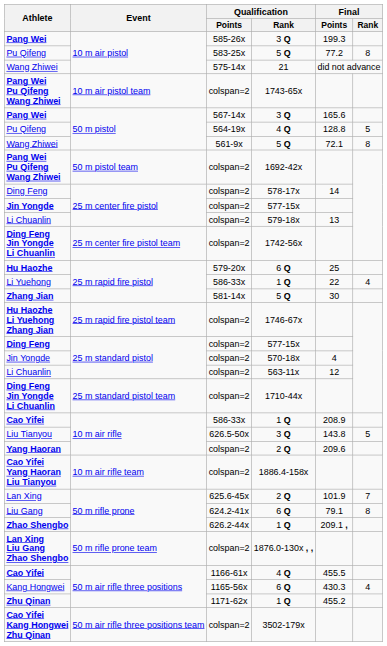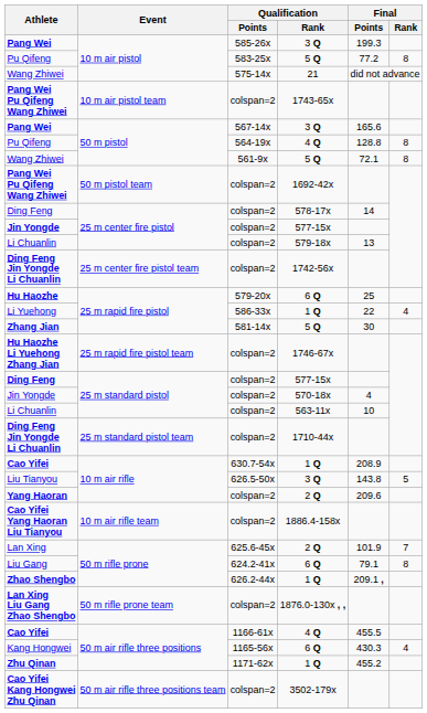 <table class=wikitable style="text-align:center; font-size:90%">
 <tr>
 <th rowspan=2>Athlete</th>
 <th rowspan=2>Event</th>
 <th colspan=2>Qualification</th>
 <th colspan=2>Final</th>
 </tr>
 <tr style="font-size:95%">
 <th>Points</th>
 <th>Rank</th>
 <th>Points</th>
 <th>Rank</th>
 </tr>
 <tr>
 <td align=left><strong><a href='#'>Pang Wei</a></strong></td>
 <td style="text-align:left;" rowspan="3"><a href='#'>10 m air pistol</a></td>
 <td>585-26x</td>
 <td>3 <strong>Q</strong></td>
 <td>199.3</td>
 <td></td>
 </tr>
 <tr>
 <td align=left><a href='#'>Pu Qifeng</a></td>
 <td>583-25x</td>
 <td>5 <strong>Q</strong></td>
 <td>77.2</td>
 <td>8</td>
 </tr>
 <tr>
 <td align=left><a href='#'>Wang Zhiwei</a></td>
 <td>575-14x</td>
 <td>21</td>
 <td colspan=2>did not advance</td>
 </tr>
 <tr>
 <td align=left><strong><a href='#'>Pang Wei</a><br><a href='#'>Pu Qifeng</a><br><a href='#'>Wang Zhiwei</a></strong></td>
 <td align=left><a href='#'>10 m air pistol team</a></td>
 <td>colspan=2 </td>
 <td>1743-65x</td>
 <td></td>
 </tr>
 <tr>
 <td align=left><strong><a href='#'>Pang Wei</a></strong></td>
 <td style="text-align:left;" rowspan="3"><a href='#'>50 m pistol</a></td>
 <td>567-14x</td>
 <td>3 <strong>Q</strong></td>
 <td>165.6</td>
 <td></td>
 </tr>
 <tr>
 <td align=left><a href='#'>Pu Qifeng</a></td>
 <td>564-19x</td>
 <td>4 <strong>Q</strong></td>
 <td>128.8</td>
-<td>5</td>
+<td>8</td>
 </tr>
 <tr>
 <td align=left><a href='#'>Wang Zhiwei</a></td>
 <td>561-9x</td>
 <td>5 <strong>Q</strong></td>
 <td>72.1</td>
 <td>8</td>
 </tr>
 <tr>
 <td align=left><strong><a href='#'>Pang Wei</a><br><a href='#'>Pu Qifeng</a><br><a href='#'>Wang Zhiwei</a></strong></td>
 <td align=left><a href='#'>50 m pistol team</a></td>
 <td>colspan=2 </td>
 <td>1692-42x <strong></strong></td>
 <td></td>
 </tr>
 <tr>
 <td align=left><a href='#'>Ding Feng</a></td>
 <td style="text-align:left;" rowspan="3"><a href='#'>25 m center fire pistol</a></td>
 <td>colspan=2 </td>
 <td>578-17x</td>
 <td>14</td>
 </tr>
 <tr>
 <td align=left><strong><a href='#'>Jin Yongde</a></strong></td>
 <td>colspan=2 </td>
 <td>577-15x</td>
 <td></td>
 </tr>
 <tr>
 <td align=left><a href='#'>Li Chuanlin</a></td>
 <td>colspan=2 </td>
 <td>579-18x</td>
 <td>13</td>
 </tr>
 <tr>
 <td align=left><strong><a href='#'>Ding Feng</a><br><a href='#'>Jin Yongde</a><br><a href='#'>Li Chuanlin</a></strong></td>
 <td align=left><a href='#'>25 m center fire pistol team</a></td>
 <td>colspan=2 </td>
 <td>1742-56x</td>
 <td></td>
 </tr>
 <tr>
 <td align=left><strong><a href='#'>Hu Haozhe</a></strong></td>
 <td style="text-align:left;" rowspan="3"><a href='#'>25 m rapid fire pistol</a></td>
 <td>579-20x</td>
 <td>6 <strong>Q</strong></td>
 <td>25</td>
 <td></td>
 </tr>
 <tr>
 <td align=left><a href='#'>Li Yuehong</a></td>
 <td>586-33x <strong></strong></td>
 <td>1 <strong>Q</strong></td>
 <td>22</td>
 <td>4</td>
 </tr>
 <tr>
 <td align=left><strong><a href='#'>Zhang Jian</a></strong></td>
 <td>581-14x</td>
 <td>5 <strong>Q</strong></td>
 <td>30</td>
 <td></td>
 </tr>
 <tr>
 <td align=left><strong><a href='#'>Hu Haozhe</a><br><a href='#'>Li Yuehong</a><br><a href='#'>Zhang Jian</a></strong></td>
 <td align=left><a href='#'>25 m rapid fire pistol team</a></td>
 <td>colspan=2 </td>
 <td>1746-67x</td>
 <td></td>
 </tr>
 <tr>
 <td align=left><strong><a href='#'>Ding Feng</a></strong></td>
 <td style="text-align:left;" rowspan="3"><a href='#'>25 m standard pistol</a></td>
 <td>colspan=2 </td>
 <td>577-15x</td>
 <td></td>
 </tr>
 <tr>
 <td align=left><a href='#'>Jin Yongde</a></td>
 <td>colspan=2 </td>
 <td>570-18x</td>
 <td>4</td>
 </tr>
 <tr>
 <td align=left><a href='#'>Li Chuanlin</a></td>
 <td>colspan=2 </td>
 <td>563-11x</td>
-<td>12</td>
+<td>10</td>
 </tr>
 <tr>
 <td align=left><strong><a href='#'>Ding Feng</a><br><a href='#'>Jin Yongde</a><br><a href='#'>Li Chuanlin</a></strong></td>
 <td align=left><a href='#'>25 m standard pistol team</a></td>
 <td>colspan=2 </td>
 <td>1710-44x</td>
 <td></td>
 </tr>
 <tr>
 <td align=left><strong><a href='#'>Cao Yifei</a></strong></td>
 <td style="text-align:left;" rowspan="3"><a href='#'>10 m air rifle</a></td>
-<td>586-33x <strong></strong></td>
+<td>630.7-54x <strong></strong></td>
 <td>1 <strong>Q</strong></td>
 <td>208.9</td>
 <td></td>
 </tr>
 <tr>
 <td align=left><a href='#'>Liu Tianyou</a></td>
 <td>626.5-50x</td>
 <td>3 <strong>Q</strong></td>
 <td>143.8</td>
 <td>5</td>
 </tr>
 <tr>
 <td align=left><strong><a href='#'>Yang Haoran</a></strong></td>
 <td>colspan=2 </td>
 <td>2 <strong>Q</strong></td>
 <td>209.6</td>
 <td></td>
 </tr>
 <tr>
 <td align=left><strong><a href='#'>Cao Yifei</a><br><a href='#'>Yang Haoran</a><br><a href='#'>Liu Tianyou</a></strong></td>
 <td align=left><a href='#'>10 m air rifle team</a></td>
 <td>colspan=2 </td>
 <td>1886.4-158x <strong></strong></td>
 <td></td>
 </tr>
 <tr>
 <td align=left><a href='#'>Lan Xing</a></td>
 <td style="text-align:left;" rowspan="3"><a href='#'>50 m rifle prone</a></td>
 <td>625.6-45x</td>
 <td>2 <strong>Q</strong></td>
 <td>101.9</td>
 <td>7</td>
 </tr>
 <tr>
 <td align=left><a href='#'>Liu Gang</a></td>
 <td>624.2-41x</td>
 <td>6 <strong>Q</strong></td>
 <td>79.1</td>
 <td>8</td>
 </tr>
 <tr>
 <td align=left><strong><a href='#'>Zhao Shengbo</a></strong></td>
 <td>626.2-44x <strong></strong></td>
 <td>1 <strong>Q</strong></td>
 <td>209.1 <strong>, </strong></td>
 <td></td>
 </tr>
 <tr>
 <td align=left><strong><a href='#'>Lan Xing</a><br><a href='#'>Liu Gang</a><br><a href='#'>Zhao Shengbo</a></strong></td>
 <td align=left><a href='#'>50 m rifle prone team</a></td>
 <td>colspan=2 </td>
 <td>1876.0-130x <strong>, , </strong></td>
 <td></td>
 </tr>
 <tr>
 <td align=left><strong><a href='#'>Cao Yifei</a></strong></td>
 <td style="text-align:left;" rowspan="3"><a href='#'>50 m air rifle three positions</a></td>
 <td>1166-61x</td>
 <td>4 <strong>Q</strong></td>
 <td>455.5</td>
 <td></td>
 </tr>
 <tr>
 <td align=left><a href='#'>Kang Hongwei</a></td>
 <td>1165-56x</td>
 <td>6 <strong>Q</strong></td>
 <td>430.3</td>
 <td>4</td>
 </tr>
 <tr>
 <td align=left><strong><a href='#'>Zhu Qinan</a></strong></td>
 <td>1171-62x</td>
 <td>1 <strong>Q</strong></td>
 <td>455.2</td>
 <td></td>
 </tr>
 <tr>
 <td align=left><strong><a href='#'>Cao Yifei</a><br><a href='#'>Kang Hongwei</a><br><a href='#'>Zhu Qinan</a></strong></td>
 <td align=left><a href='#'>50 m air rifle three positions team</a></td>
 <td>colspan=2 </td>
 <td>3502-179x <strong></strong></td>
 <td></td>
 </tr>
 </table>
